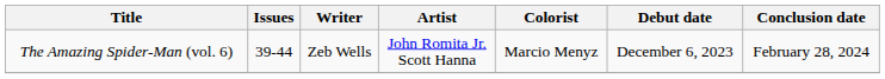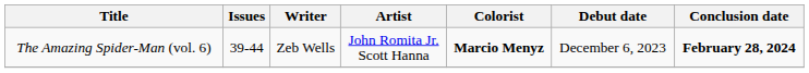 <table class="wikitable" style="text-align:center; width:100%">
 <tr>
 <th scope="col">Title</th>
 <th scope="col">Issues</th>
 <th scope="col">Writer</th>
 <th scope="col">Artist</th>
 <th scope="col">Colorist</th>
 <th scope="col">Debut date</th>
 <th scope="col">Conclusion date</th>
 </tr>
 <tr>
 <td><em>The Amazing Spider-Man</em> (vol. 6)</td>
 <td>39-44</td>
 <td>Zeb Wells</td>
 <td><a href='#'>John Romita Jr.</a><br>Scott Hanna</td>
-<td>Marcio Menyz</td>
+<td><strong>Marcio Menyz</strong></td>
 <td>December 6, 2023</td>
-<td>February 28, 2024</td>
+<td><strong>February 28, 2024</strong></td>
 </tr>
 <tr>
 </tr>
 </table>
